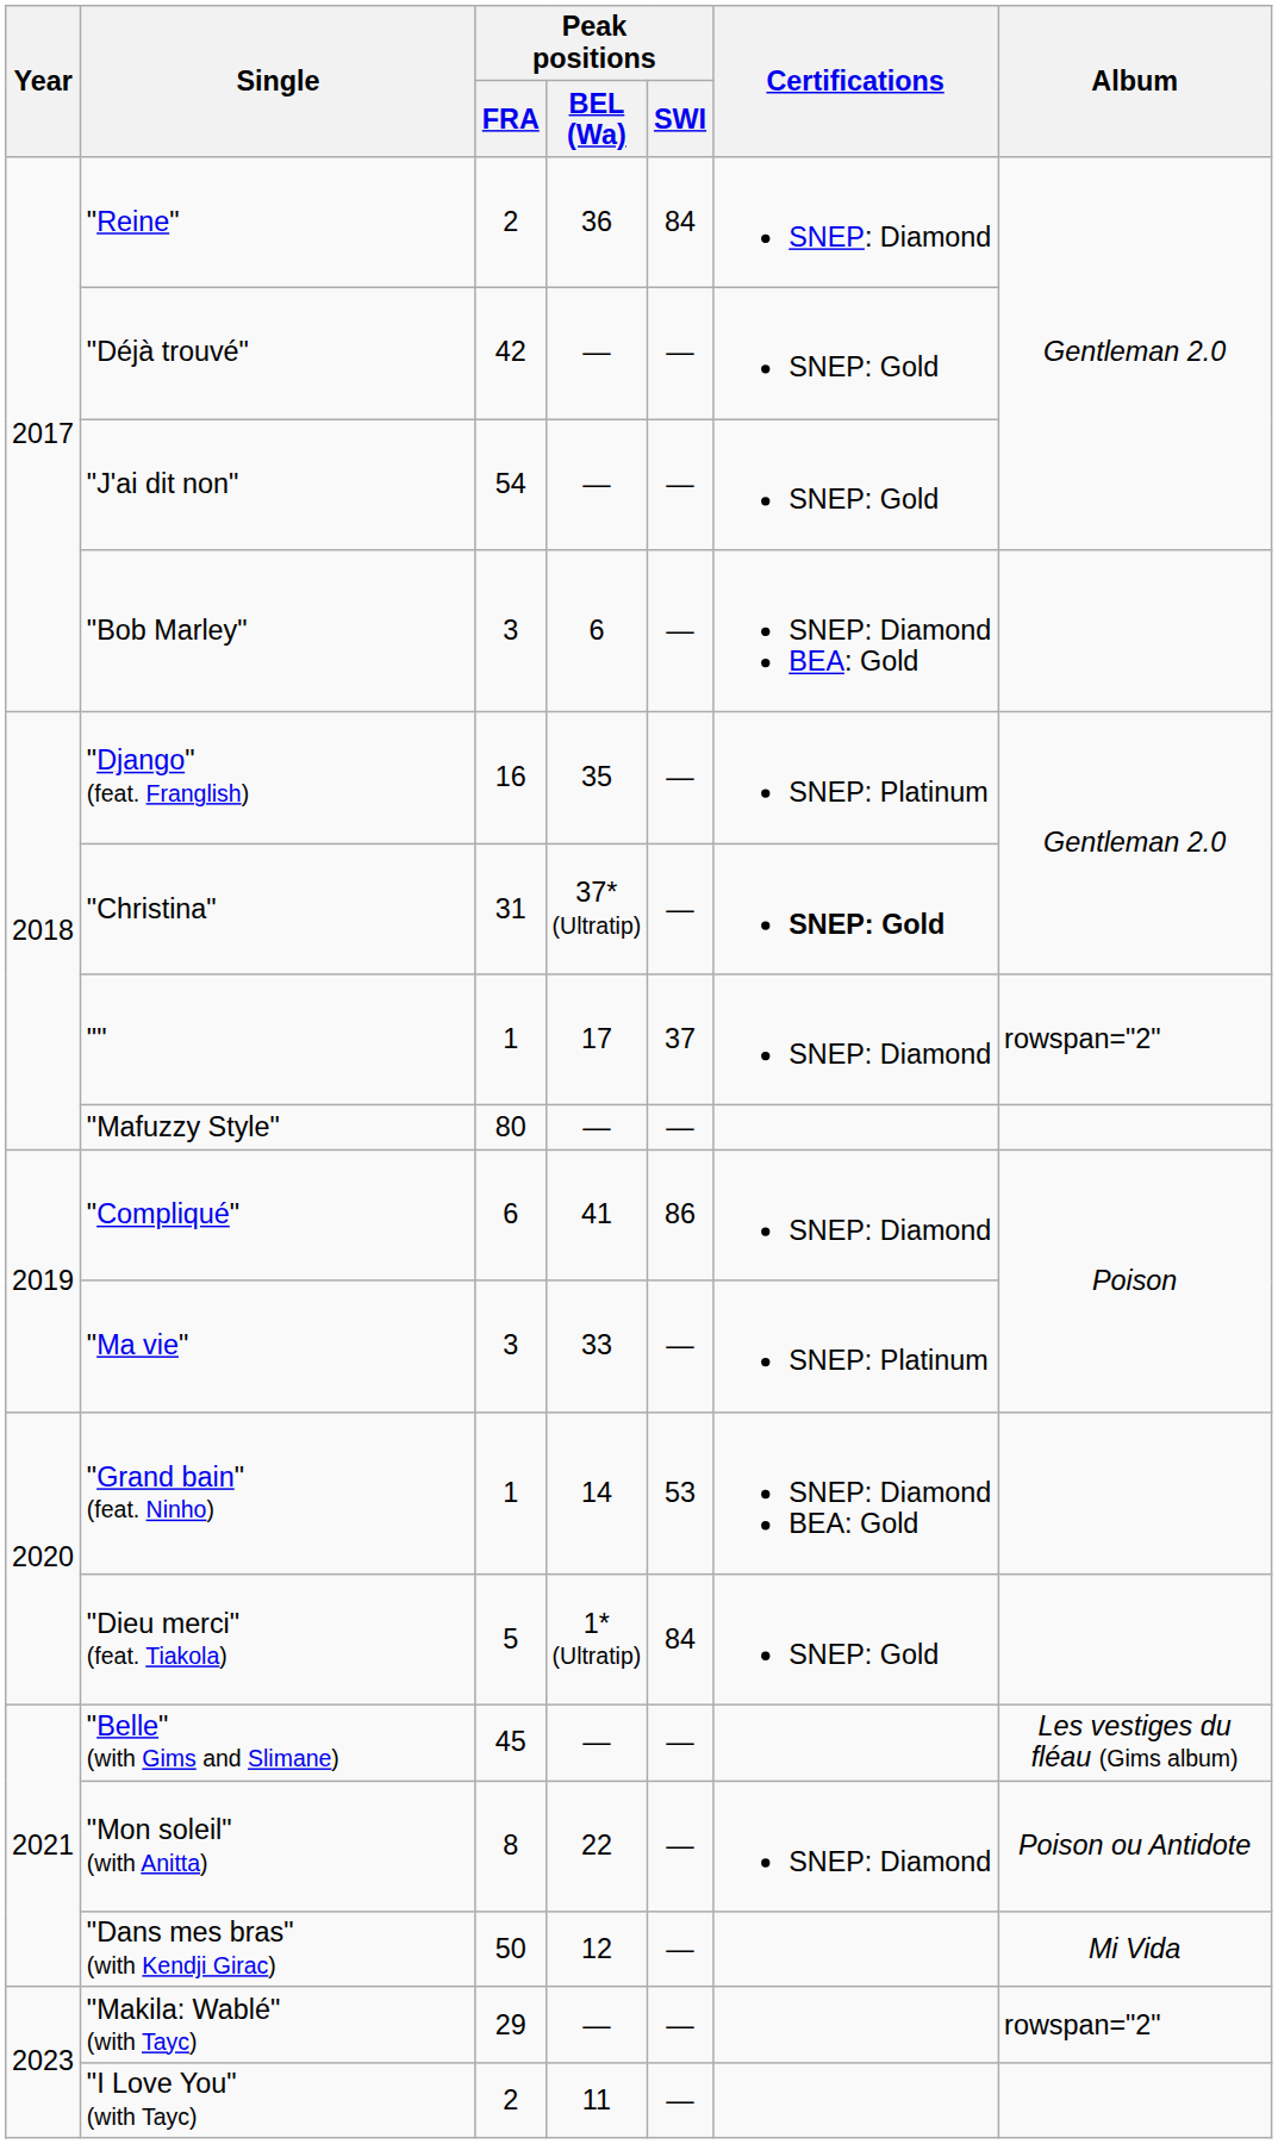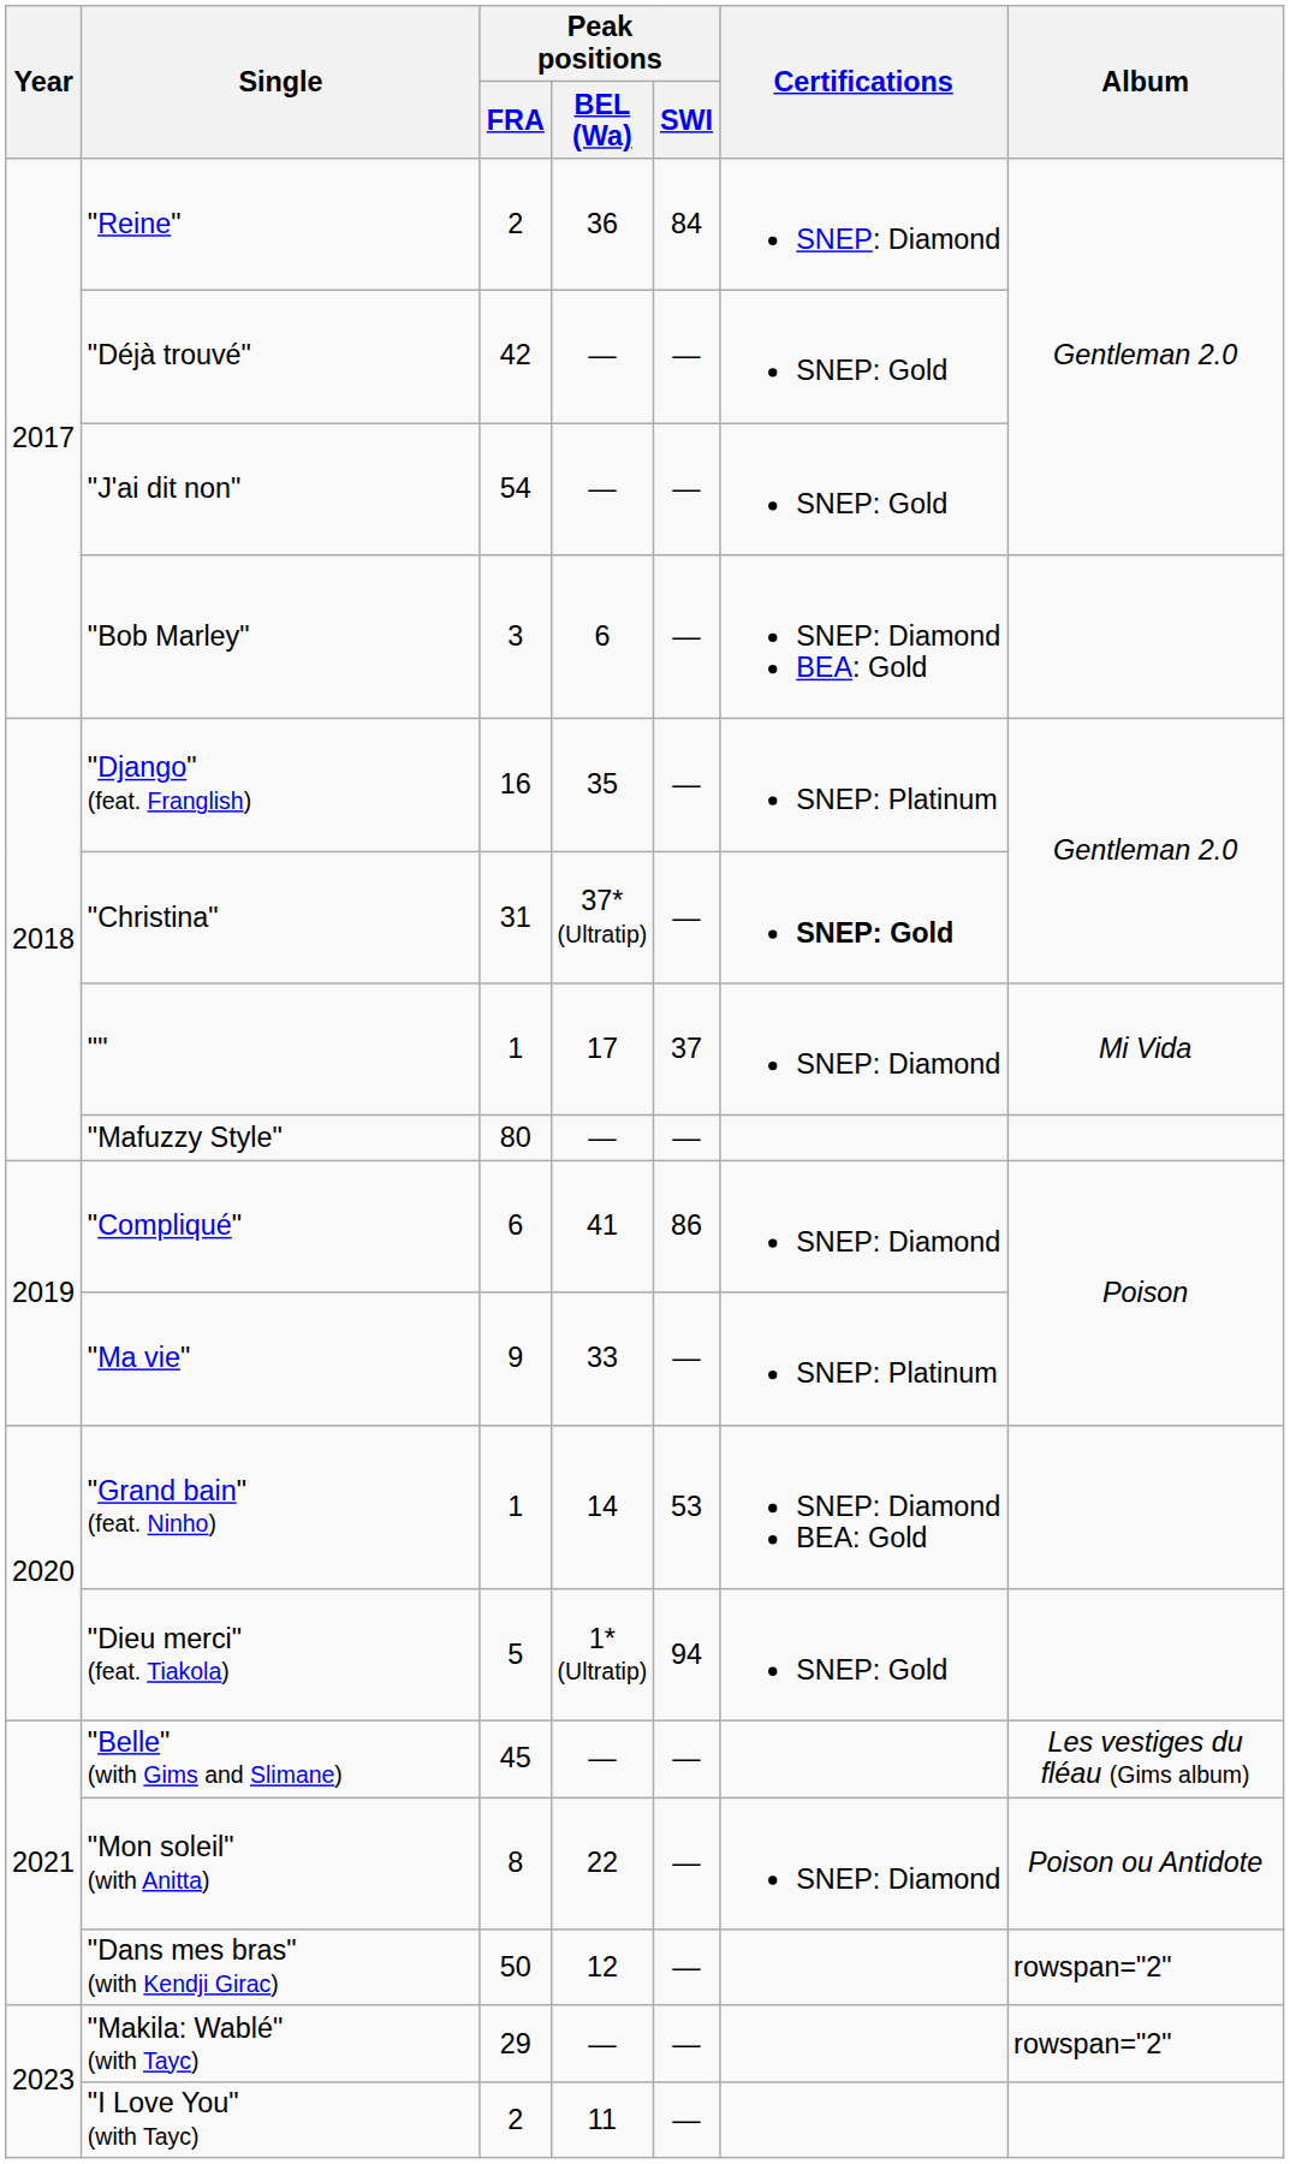 <table class="wikitable">
 <tr>
 <th align="center" rowspan="2" width="10">Year</th>
 <th align="center" rowspan="2" width="220">Single</th>
 <th align="center" colspan="3" width="10">Peak<br>positions</th>
 <th rowspan="2"><a href='#'>Certifications</a></th>
 <th align="center" rowspan="2" width="150">Album</th>
 </tr>
 <tr>
 <th><a href='#'>FRA</a><br></th>
 <th><a href='#'>BEL<br>(Wa)</a><br></th>
 <th><a href='#'>SWI</a><br></th>
 </tr>
 <tr>
 <td rowspan="4">2017</td>
 <td>"<a href='#'>Reine</a>"</td>
 <td style="text-align:center;">2</td>
 <td style="text-align:center;">36</td>
 <td style="text-align:center;">84</td>
 <td><br><ul><li><a href='#'>SNEP</a>: Diamond</li></ul></td>
 <td style="text-align:center;" rowspan=3><em>Gentleman 2.0</em></td>
 </tr>
 <tr>
 <td>"Déjà trouvé"</td>
 <td style="text-align:center;">42</td>
 <td style="text-align:center;">—</td>
 <td style="text-align:center;">—</td>
 <td><br><ul><li>SNEP: Gold</li></ul></td>
 </tr>
 <tr>
 <td>"J'ai dit non"</td>
 <td style="text-align:center;">54</td>
 <td style="text-align:center;">—</td>
 <td style="text-align:center;">—</td>
 <td><br><ul><li>SNEP: Gold</li></ul></td>
 </tr>
 <tr>
 <td>"Bob Marley"</td>
 <td style="text-align:center;">3</td>
 <td style="text-align:center;">6</td>
 <td style="text-align:center;">—</td>
 <td><br><ul><li>SNEP: Diamond</li><li><a href='#'>BEA</a>: Gold</li></ul></td>
 <td></td>
 </tr>
 <tr>
 <td rowspan=4>2018</td>
 <td>"<a href='#'>Django</a>"<br><small>(feat. <a href='#'>Franglish</a>)</small></td>
 <td style="text-align:center;">16</td>
 <td style="text-align:center;">35</td>
 <td style="text-align:center;">—</td>
 <td><br><ul><li>SNEP: Platinum</li></ul></td>
 <td style="text-align:center;" rowspan=2><em>Gentleman 2.0</em></td>
 </tr>
 <tr>
 <td>"Christina"</td>
 <td style="text-align:center;">31</td>
 <td style="text-align:center;">37*<br><small>(Ultratip)</small></td>
 <td style="text-align:center;">—</td>
 <td><strong><br><ul><li>SNEP: Gold</li></ul></strong></td>
 </tr>
 <tr>
 <td>""</td>
 <td style="text-align:center;">1</td>
 <td style="text-align:center;">17</td>
 <td style="text-align:center;">37</td>
 <td><br><ul><li>SNEP: Diamond</li></ul></td>
-<td>rowspan="2" </td>
+<td style="text-align:center;"><em>Mi Vida</em></td>
 </tr>
 <tr>
 <td>"Mafuzzy Style"</td>
 <td style="text-align:center;">80</td>
 <td style="text-align:center;">—</td>
 <td style="text-align:center;">—</td>
 <td></td>
 </tr>
 <tr>
 <td rowspan="2">2019</td>
 <td>"<a href='#'>Compliqué</a>"</td>
 <td style="text-align:center;">6</td>
 <td style="text-align:center;">41</td>
 <td style="text-align:center;">86</td>
 <td><br><ul><li>SNEP: Diamond</li></ul></td>
 <td style="text-align:center;" rowspan="2"><em>Poison</em></td>
 </tr>
 <tr>
 <td>"<a href='#'>Ma vie</a>"</td>
-<td style="text-align:center;">3</td>
+<td style="text-align:center;">9</td>
 <td style="text-align:center;">33</td>
 <td style="text-align:center;">—</td>
 <td><br><ul><li>SNEP: Platinum</li></ul></td>
 </tr>
 <tr>
 <td rowspan=2>2020</td>
 <td>"<a href='#'>Grand bain</a>"<br><small>(feat. <a href='#'>Ninho</a>)</small></td>
 <td style="text-align:center;">1</td>
 <td style="text-align:center;">14</td>
 <td style="text-align:center;">53</td>
 <td><br><ul><li>SNEP: Diamond</li><li>BEA: Gold</li></ul></td>
 <td></td>
 </tr>
 <tr>
 <td>"Dieu merci"<br><small>(feat. <a href='#'>Tiakola</a>)</small></td>
 <td style="text-align:center;">5</td>
 <td style="text-align:center;">1*<br><small>(Ultratip)</small></td>
-<td style="text-align:center;">84</td>
+<td style="text-align:center;">94</td>
 <td><br><ul><li>SNEP: Gold</li></ul></td>
 <td></td>
 </tr>
 <tr>
 <td rowspan=3>2021</td>
 <td>"<a href='#'>Belle</a>"<br><small>(with <a href='#'>Gims</a> and <a href='#'>Slimane</a>)</small></td>
 <td style="text-align:center;">45</td>
 <td style="text-align:center;">—</td>
 <td style="text-align:center;">—</td>
 <td></td>
 <td style="text-align:center;"><em>Les vestiges du fléau</em> <small>(Gims album)</small></td>
 </tr>
 <tr>
 <td>"Mon soleil"<br><small>(with <a href='#'>Anitta</a>)</small></td>
 <td style="text-align:center;">8</td>
 <td style="text-align:center;">22</td>
 <td style="text-align:center;">—</td>
 <td><br><ul><li>SNEP: Diamond</li></ul></td>
 <td style="text-align:center;"><em>Poison ou Antidote</em></td>
 </tr>
 <tr>
 <td>"Dans mes bras"<br><small>(with <a href='#'>Kendji Girac</a>)</small></td>
 <td style="text-align:center;">50</td>
 <td style="text-align:center;">12</td>
 <td style="text-align:center;">—</td>
 <td></td>
-<td style="text-align:center;"><em>Mi Vida</em></td>
+<td>rowspan="2" </td>
 </tr>
 <tr>
 <td rowspan=2>2023</td>
 <td>"Makila: Wablé"<br><small>(with <a href='#'>Tayc</a>)</small></td>
 <td style="text-align:center;">29</td>
 <td style="text-align:center;">—</td>
 <td style="text-align:center;">—</td>
 <td></td>
 <td>rowspan="2" </td>
 </tr>
 <tr>
 <td>"I Love You"<br><small>(with Tayc)</small></td>
 <td style="text-align:center;">2</td>
 <td style="text-align:center;">11</td>
 <td style="text-align:center;">—</td>
 <td></td>
 </tr>
 </table>
